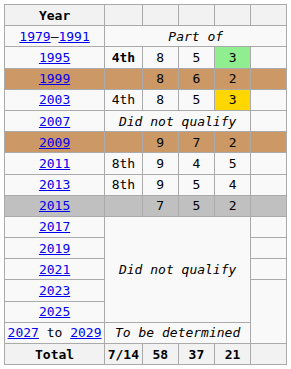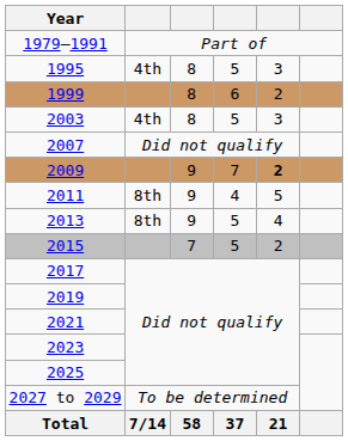 <table class="wikitable" style="text-align: center;">
 <tr>
 <th>Year</th>
 <th></th>
 <th width=30></th>
 <th width=30></th>
 <th width=30></th>
 <th width=30></th>
 </tr>
 <tr>
 <td><a href='#'>1979</a>–<a href='#'>1991</a></td>
 <td colspan=5><em>Part of </em></td>
 </tr>
 <tr>
 <td> <a href='#'>1995</a></td>
-<td><strong>4th</strong></td>
+<td>4th</td>
 <td>8</td>
 <td>5</td>
-<td style="background: lightgreen;">3</td>
+<td>3</td>
 <td></td>
 </tr>
 <tr bgcolor=#cc9966>
 <td> <a href='#'>1999</a></td>
 <td></td>
 <td>8</td>
 <td>6</td>
 <td>2</td>
 <td></td>
 </tr>
 <tr>
 <td> <a href='#'>2003</a></td>
 <td>4th</td>
 <td>8</td>
 <td>5</td>
-<td style="background: gold;">3</td>
+<td>3</td>
 <td></td>
 </tr>
 <tr>
 <td> <a href='#'>2007</a></td>
 <td colspan=4><em>Did not qualify</em></td>
 <td></td>
 </tr>
 <tr bgcolor=#cc9966>
 <td> <a href='#'>2009</a></td>
 <td></td>
 <td>9</td>
 <td>7</td>
-<td>2</td>
+<td><strong>2</strong></td>
 <td></td>
 </tr>
 <tr>
 <td> <a href='#'>2011</a></td>
 <td>8th</td>
 <td>9</td>
 <td>4</td>
 <td>5</td>
 <td></td>
 </tr>
 <tr>
 <td> <a href='#'>2013</a></td>
 <td>8th</td>
 <td>9</td>
 <td>5</td>
 <td>4</td>
 <td></td>
 </tr>
 <tr bgcolor=silver>
 <td> <a href='#'>2015</a></td>
 <td></td>
 <td>7</td>
 <td>5</td>
 <td>2</td>
 <td></td>
 </tr>
 <tr>
 <td> <a href='#'>2017</a></td>
 <td colspan=4 rowspan=5><em>Did not qualify</em></td>
 <td></td>
 </tr>
 <tr>
 <td> <a href='#'>2019</a></td>
 <td></td>
 </tr>
 <tr>
 <td> <a href='#'>2021</a></td>
 <td></td>
 </tr>
 <tr>
 <td> <a href='#'>2023</a></td>
 </tr>
 <tr>
 <td> <a href='#'>2025</a></td>
 </tr>
 <tr>
 <td> <a href='#'>2027</a> to  <a href='#'>2029</a></td>
 <td colspan=4><em>To be determined</em></td>
 </tr>
 <tr>
 <th>Total</th>
 <th>7/14</th>
 <th>58</th>
 <th>37</th>
 <th>21</th>
 <th></th>
 </tr>
 </table>
